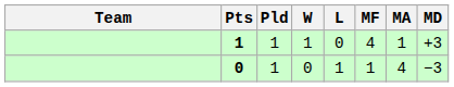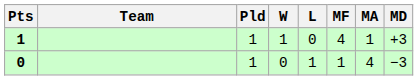 <table class=wikitable style="text-align:center">
 <tr>
+<th width=20>Pts</th>
 <th width=175>Team</th>
-<th width=20>Pts</th>
 <th width=20>Pld</th>
 <th width=20>W</th>
 <th width=20>L</th>
 <th width=20>MF</th>
 <th width=20>MA</th>
 <th width=20>MD</th>
 </tr>
 <tr bgcolor=#ccffcc>
+<td><strong>1</strong></td>
 <td align=left></td>
-<td><strong>1</strong></td>
 <td>1</td>
 <td>1</td>
 <td>0</td>
 <td>4</td>
 <td>1</td>
 <td>+3</td>
 </tr>
 <tr bgcolor=#ccffcc>
+<td><strong>0</strong></td>
 <td align=left></td>
-<td><strong>0</strong></td>
 <td>1</td>
 <td>0</td>
 <td>1</td>
 <td>1</td>
 <td>4</td>
 <td>−3</td>
 </tr>
 </table>
